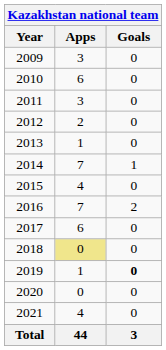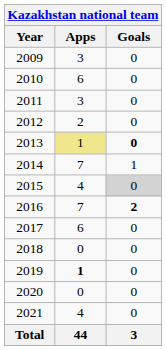 <table class="wikitable" style="text-align:center">
 <tr>
 <th colspan=3><a href='#'>Kazakhstan national team</a></th>
 </tr>
 <tr>
 <th>Year</th>
 <th>Apps</th>
 <th>Goals</th>
 </tr>
 <tr>
 <td>2009</td>
 <td>3</td>
 <td>0</td>
 </tr>
 <tr>
 <td>2010</td>
 <td>6</td>
 <td>0</td>
 </tr>
 <tr>
 <td>2011</td>
 <td>3</td>
 <td>0</td>
 </tr>
 <tr>
 <td>2012</td>
 <td>2</td>
 <td>0</td>
 </tr>
 <tr>
 <td>2013</td>
-<td>1</td>
-<td>0</td>
+<td style="background: khaki;">1</td>
+<td><strong>0</strong></td>
 </tr>
 <tr>
 <td>2014</td>
 <td>7</td>
 <td>1</td>
 </tr>
 <tr>
 <td>2015</td>
 <td>4</td>
-<td>0</td>
+<td style="background: lightgrey;">0</td>
 </tr>
 <tr>
 <td>2016</td>
 <td>7</td>
-<td>2</td>
+<td><strong>2</strong></td>
 </tr>
 <tr>
 <td>2017</td>
 <td>6</td>
 <td>0</td>
 </tr>
 <tr>
 <td>2018</td>
-<td style="background: khaki;">0</td>
+<td>0</td>
 <td>0</td>
 </tr>
 <tr>
 <td>2019</td>
-<td>1</td>
-<td><strong>0</strong></td>
+<td><strong>1</strong></td>
+<td>0</td>
 </tr>
 <tr>
 <td>2020</td>
 <td>0</td>
 <td>0</td>
 </tr>
 <tr>
 <td>2021</td>
 <td>4</td>
 <td>0</td>
 </tr>
 <tr>
 <th>Total</th>
 <th>44</th>
 <th>3</th>
 </tr>
 </table>
